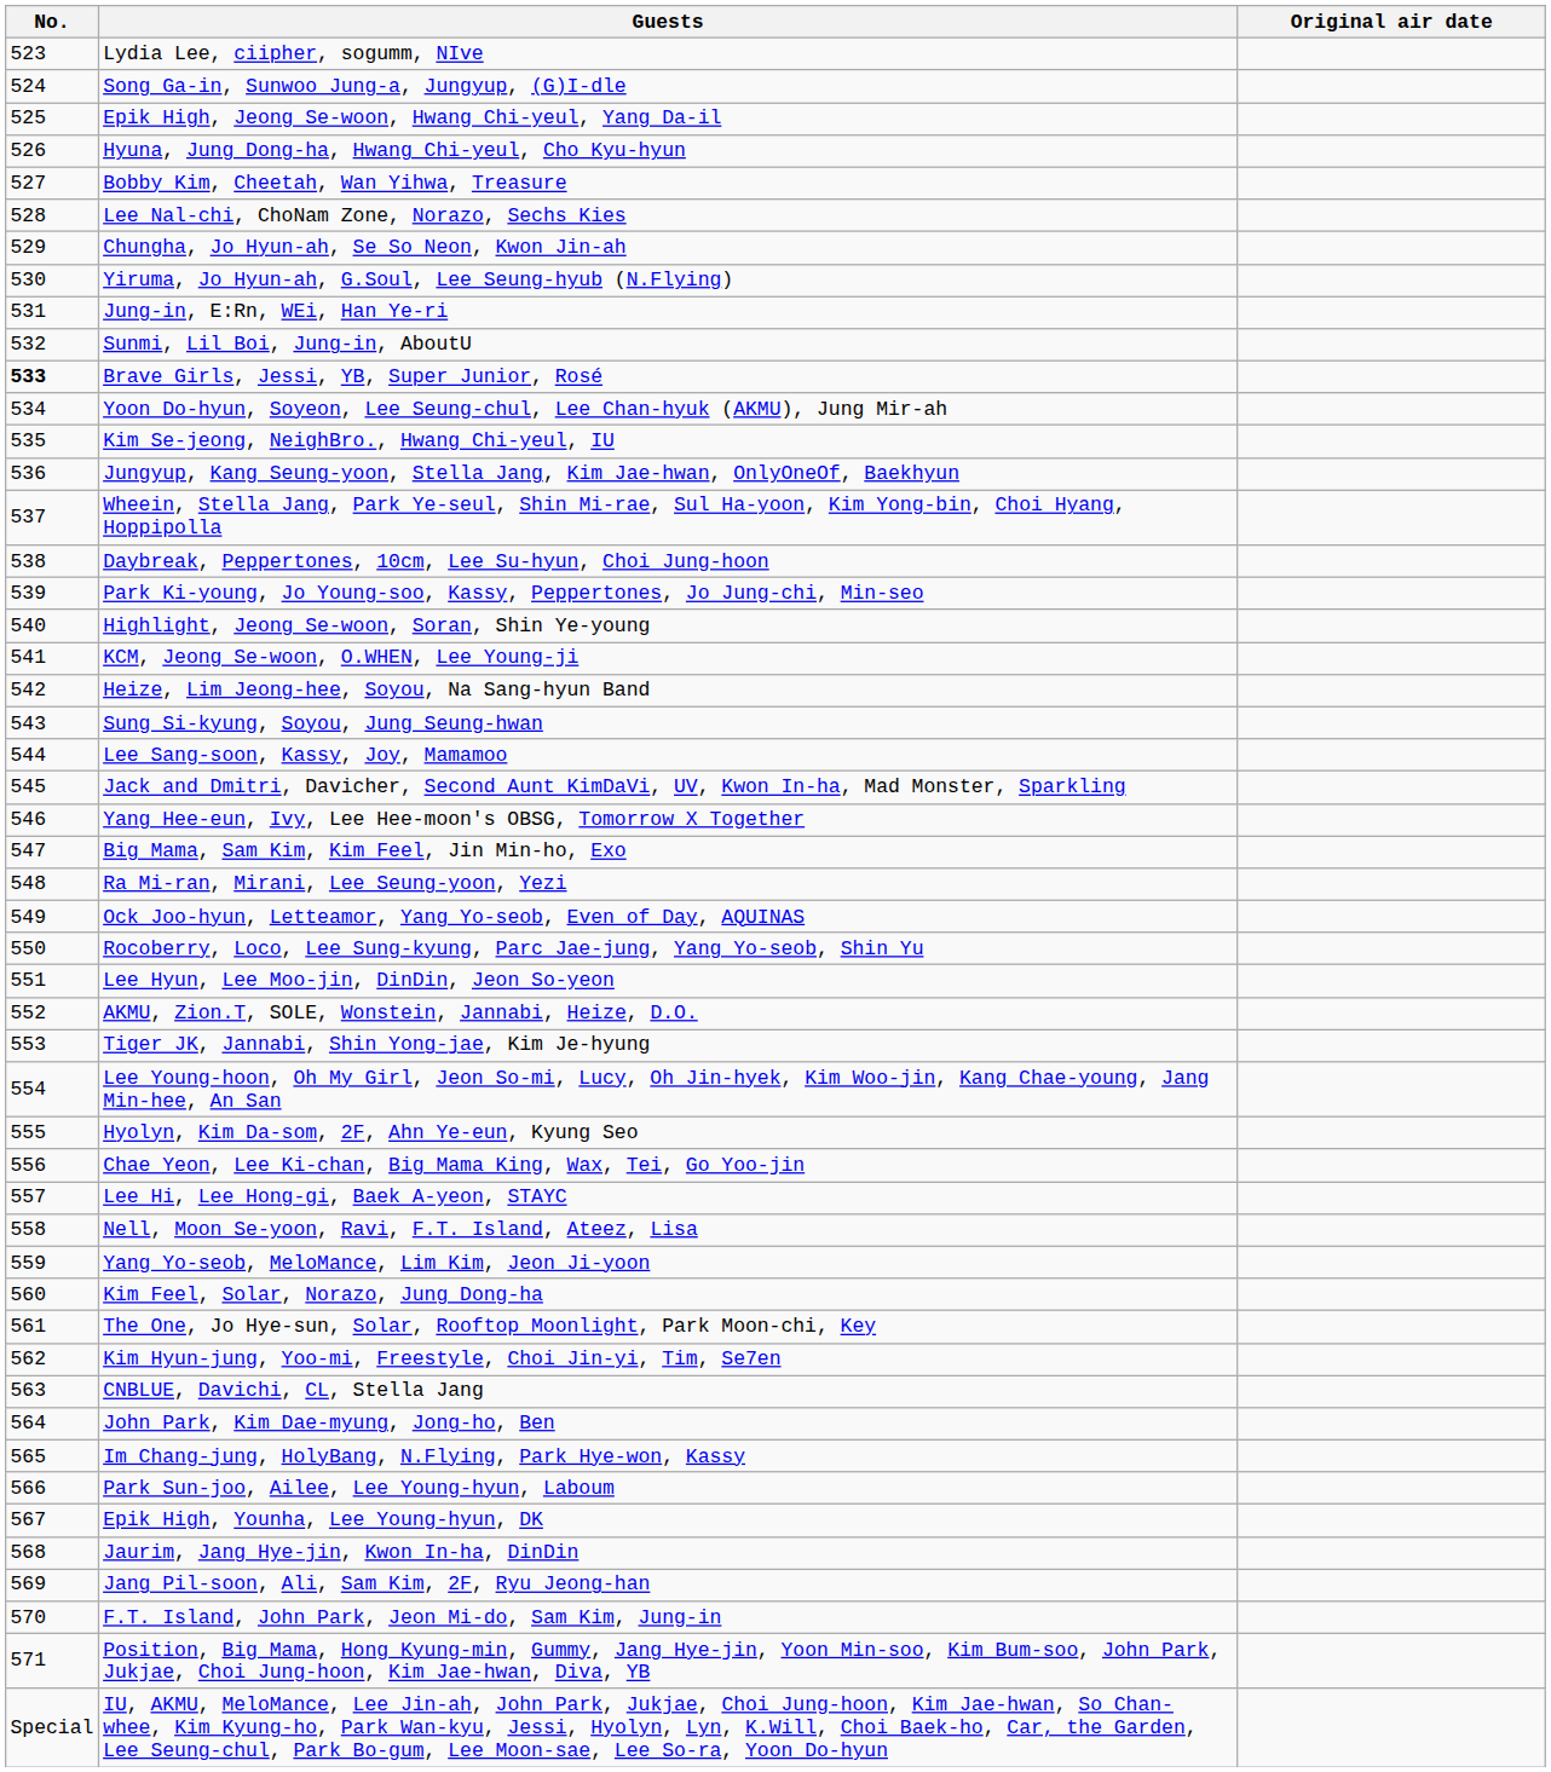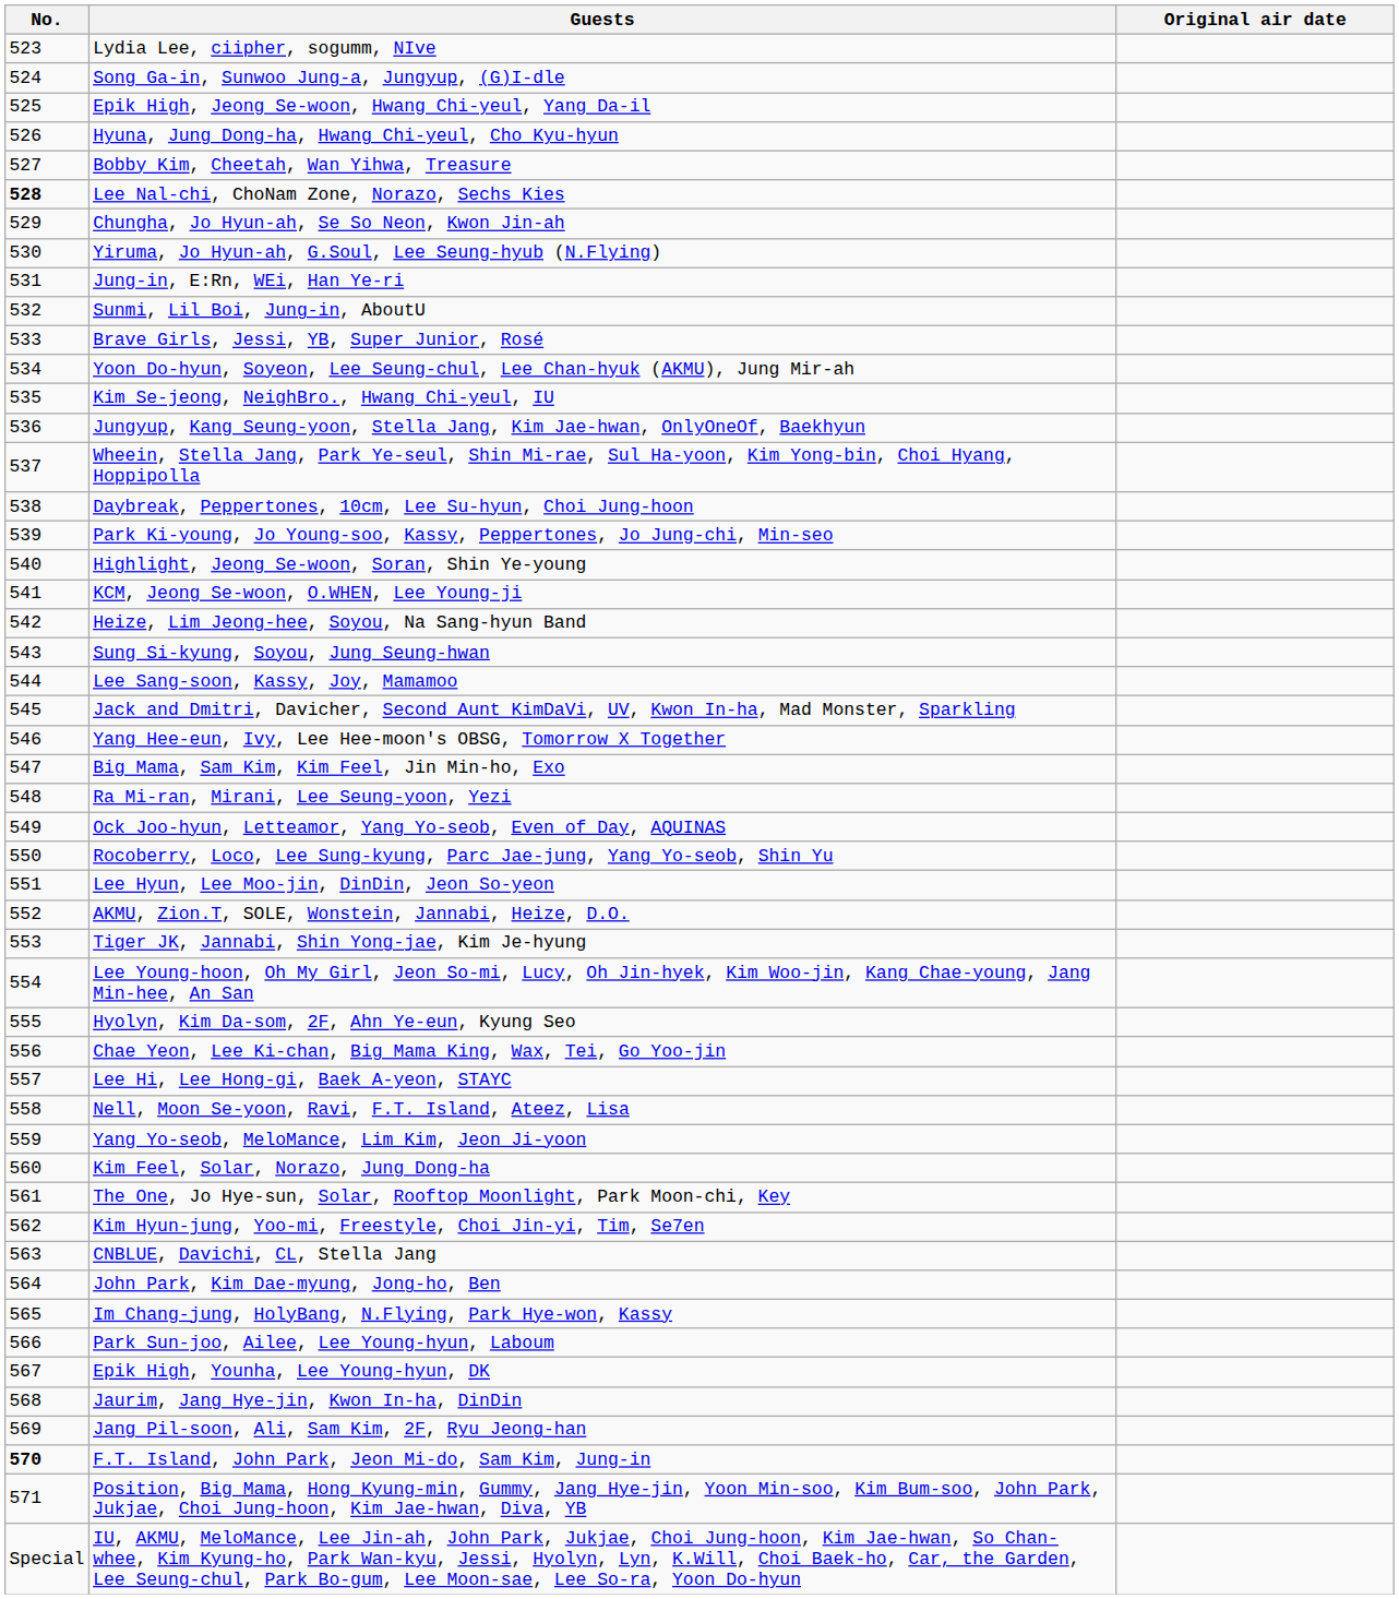 <table class="wikitable" style="width:80%; style="text-align:center" margin:auto; background:#FFFFFF;">
 <tr>
 <th>No.</th>
 <th>Guests</th>
 <th width="20%">Original air date</th>
 </tr>
 <tr>
 <td>523</td>
 <td>Lydia Lee, <a href='#'>ciipher</a>, sogumm, <a href='#'>NIve</a></td>
 <td></td>
 </tr>
 <tr>
 <td>524</td>
 <td><a href='#'>Song Ga-in</a>, <a href='#'>Sunwoo Jung-a</a>, <a href='#'>Jungyup</a>, <a href='#'>(G)I-dle</a></td>
 <td></td>
 </tr>
 <tr>
 <td>525</td>
 <td><a href='#'>Epik High</a>, <a href='#'>Jeong Se-woon</a>, <a href='#'>Hwang Chi-yeul</a>, <a href='#'>Yang Da-il</a></td>
 <td></td>
 </tr>
 <tr>
 <td>526</td>
 <td><a href='#'>Hyuna</a>, <a href='#'>Jung Dong-ha</a>, <a href='#'>Hwang Chi-yeul</a>, <a href='#'>Cho Kyu-hyun</a></td>
 <td></td>
 </tr>
 <tr>
 <td>527</td>
 <td><a href='#'>Bobby Kim</a>, <a href='#'>Cheetah</a>, <a href='#'>Wan Yihwa</a>, <a href='#'>Treasure</a></td>
 <td></td>
 </tr>
 <tr>
-<td>528</td>
+<td><strong>528</strong></td>
 <td><a href='#'>Lee Nal-chi</a>, ChoNam Zone, <a href='#'>Norazo</a>, <a href='#'>Sechs Kies</a></td>
 <td></td>
 </tr>
 <tr>
 <td>529</td>
 <td><a href='#'>Chungha</a>, <a href='#'>Jo Hyun-ah</a>, <a href='#'>Se So Neon</a>, <a href='#'>Kwon Jin-ah</a></td>
 <td></td>
 </tr>
 <tr>
 <td>530</td>
 <td><a href='#'>Yiruma</a>, <a href='#'>Jo Hyun-ah</a>, <a href='#'>G.Soul</a>, <a href='#'>Lee Seung-hyub</a> (<a href='#'>N.Flying</a>)</td>
 <td></td>
 </tr>
 <tr>
 <td>531</td>
 <td><a href='#'>Jung-in</a>, E:Rn, <a href='#'>WEi</a>, <a href='#'>Han Ye-ri</a></td>
 <td></td>
 </tr>
 <tr>
 <td>532</td>
 <td><a href='#'>Sunmi</a>, <a href='#'>Lil Boi</a>, <a href='#'>Jung-in</a>, AboutU</td>
 <td></td>
 </tr>
 <tr>
-<td><strong>533</strong></td>
+<td>533</td>
 <td><a href='#'>Brave Girls</a>, <a href='#'>Jessi</a>, <a href='#'>YB</a>, <a href='#'>Super Junior</a>, <a href='#'>Rosé</a></td>
 <td></td>
 </tr>
 <tr>
 <td>534</td>
 <td><a href='#'>Yoon Do-hyun</a>, <a href='#'>Soyeon</a>, <a href='#'>Lee Seung-chul</a>, <a href='#'>Lee Chan-hyuk</a> (<a href='#'>AKMU</a>), Jung Mir-ah</td>
 <td></td>
 </tr>
 <tr>
 <td>535</td>
 <td><a href='#'>Kim Se-jeong</a>, <a href='#'>NeighBro.</a>, <a href='#'>Hwang Chi-yeul</a>, <a href='#'>IU</a></td>
 <td></td>
 </tr>
 <tr>
 <td>536</td>
 <td><a href='#'>Jungyup</a>, <a href='#'>Kang Seung-yoon</a>, <a href='#'>Stella Jang</a>, <a href='#'>Kim Jae-hwan</a>, <a href='#'>OnlyOneOf</a>, <a href='#'>Baekhyun</a></td>
 <td></td>
 </tr>
 <tr>
 <td>537</td>
 <td><a href='#'>Wheein</a>, <a href='#'>Stella Jang</a>, <a href='#'>Park Ye-seul</a>, <a href='#'>Shin Mi-rae</a>, <a href='#'>Sul Ha-yoon</a>, <a href='#'>Kim Yong-bin</a>, <a href='#'>Choi Hyang</a>, <a href='#'>Hoppipolla</a></td>
 <td></td>
 </tr>
 <tr>
 <td>538</td>
 <td><a href='#'>Daybreak</a>, <a href='#'>Peppertones</a>, <a href='#'>10cm</a>, <a href='#'>Lee Su-hyun</a>, <a href='#'>Choi Jung-hoon</a></td>
 <td></td>
 </tr>
 <tr>
 <td>539</td>
 <td><a href='#'>Park Ki-young</a>, <a href='#'>Jo Young-soo</a>, <a href='#'>Kassy</a>, <a href='#'>Peppertones</a>, <a href='#'>Jo Jung-chi</a>, <a href='#'>Min-seo</a></td>
 <td></td>
 </tr>
 <tr>
 <td>540</td>
 <td><a href='#'>Highlight</a>, <a href='#'>Jeong Se-woon</a>, <a href='#'>Soran</a>, Shin Ye-young</td>
 <td></td>
 </tr>
 <tr>
 <td>541</td>
 <td><a href='#'>KCM</a>, <a href='#'>Jeong Se-woon</a>, <a href='#'>O.WHEN</a>, <a href='#'>Lee Young-ji</a></td>
 <td></td>
 </tr>
 <tr>
 <td>542</td>
 <td><a href='#'>Heize</a>, <a href='#'>Lim Jeong-hee</a>, <a href='#'>Soyou</a>, Na Sang-hyun Band</td>
 <td></td>
 </tr>
 <tr>
 <td>543</td>
 <td><a href='#'>Sung Si-kyung</a>, <a href='#'>Soyou</a>, <a href='#'>Jung Seung-hwan</a></td>
 <td></td>
 </tr>
 <tr>
 <td>544</td>
 <td><a href='#'>Lee Sang-soon</a>, <a href='#'>Kassy</a>, <a href='#'>Joy</a>, <a href='#'>Mamamoo</a></td>
 <td></td>
 </tr>
 <tr>
 <td>545</td>
 <td><a href='#'>Jack and Dmitri</a>, Davicher, <a href='#'>Second Aunt KimDaVi</a>, <a href='#'>UV</a>, <a href='#'>Kwon In-ha</a>, Mad Monster, <a href='#'>Sparkling</a></td>
 <td></td>
 </tr>
 <tr>
 <td>546</td>
 <td><a href='#'>Yang Hee-eun</a>, <a href='#'>Ivy</a>, Lee Hee-moon's OBSG, <a href='#'>Tomorrow X Together</a></td>
 <td></td>
 </tr>
 <tr>
 <td>547</td>
 <td><a href='#'>Big Mama</a>, <a href='#'>Sam Kim</a>, <a href='#'>Kim Feel</a>, Jin Min-ho, <a href='#'>Exo</a></td>
 <td></td>
 </tr>
 <tr>
 <td>548</td>
 <td><a href='#'>Ra Mi-ran</a>, <a href='#'>Mirani</a>, <a href='#'>Lee Seung-yoon</a>, <a href='#'>Yezi</a></td>
 <td></td>
 </tr>
 <tr>
 <td>549</td>
 <td><a href='#'>Ock Joo-hyun</a>, <a href='#'>Letteamor</a>, <a href='#'>Yang Yo-seob</a>, <a href='#'>Even of Day</a>, <a href='#'>AQUINAS</a></td>
 <td></td>
 </tr>
 <tr>
 <td>550</td>
 <td><a href='#'>Rocoberry</a>, <a href='#'>Loco</a>, <a href='#'>Lee Sung-kyung</a>, <a href='#'>Parc Jae-jung</a>, <a href='#'>Yang Yo-seob</a>, <a href='#'>Shin Yu</a></td>
 <td></td>
 </tr>
 <tr>
 <td>551</td>
 <td><a href='#'>Lee Hyun</a>, <a href='#'>Lee Moo-jin</a>, <a href='#'>DinDin</a>, <a href='#'>Jeon So-yeon</a></td>
 <td></td>
 </tr>
 <tr>
 <td>552</td>
 <td><a href='#'>AKMU</a>, <a href='#'>Zion.T</a>, SOLE, <a href='#'>Wonstein</a>, <a href='#'>Jannabi</a>, <a href='#'>Heize</a>, <a href='#'>D.O.</a></td>
 <td></td>
 </tr>
 <tr>
 <td>553</td>
 <td><a href='#'>Tiger JK</a>, <a href='#'>Jannabi</a>, <a href='#'>Shin Yong-jae</a>, Kim Je-hyung</td>
 <td></td>
 </tr>
 <tr>
 <td>554</td>
 <td><a href='#'>Lee Young-hoon</a>, <a href='#'>Oh My Girl</a>, <a href='#'>Jeon So-mi</a>, <a href='#'>Lucy</a>, <a href='#'>Oh Jin-hyek</a>, <a href='#'>Kim Woo-jin</a>, <a href='#'>Kang Chae-young</a>, <a href='#'>Jang Min-hee</a>, <a href='#'>An San</a></td>
 <td></td>
 </tr>
 <tr>
 <td>555</td>
 <td><a href='#'>Hyolyn</a>, <a href='#'>Kim Da-som</a>, <a href='#'>2F</a>, <a href='#'>Ahn Ye-eun</a>, Kyung Seo</td>
 <td></td>
 </tr>
 <tr>
 <td>556</td>
 <td><a href='#'>Chae Yeon</a>, <a href='#'>Lee Ki-chan</a>, <a href='#'>Big Mama King</a>, <a href='#'>Wax</a>, <a href='#'>Tei</a>, <a href='#'>Go Yoo-jin</a></td>
 <td></td>
 </tr>
 <tr>
 <td>557</td>
 <td><a href='#'>Lee Hi</a>, <a href='#'>Lee Hong-gi</a>, <a href='#'>Baek A-yeon</a>, <a href='#'>STAYC</a></td>
 <td></td>
 </tr>
 <tr>
 <td>558</td>
 <td><a href='#'>Nell</a>, <a href='#'>Moon Se-yoon</a>, <a href='#'>Ravi</a>, <a href='#'>F.T. Island</a>, <a href='#'>Ateez</a>, <a href='#'>Lisa</a></td>
 <td></td>
 </tr>
 <tr>
 <td>559</td>
 <td><a href='#'>Yang Yo-seob</a>, <a href='#'>MeloMance</a>, <a href='#'>Lim Kim</a>, <a href='#'>Jeon Ji-yoon</a></td>
 <td></td>
 </tr>
 <tr>
 <td>560</td>
 <td><a href='#'>Kim Feel</a>, <a href='#'>Solar</a>, <a href='#'>Norazo</a>, <a href='#'>Jung Dong-ha</a></td>
 <td></td>
 </tr>
 <tr>
 <td>561</td>
 <td><a href='#'>The One</a>, Jo Hye-sun, <a href='#'>Solar</a>, <a href='#'>Rooftop Moonlight</a>, Park Moon-chi, <a href='#'>Key</a></td>
 <td></td>
 </tr>
 <tr>
 <td>562</td>
 <td><a href='#'>Kim Hyun-jung</a>, <a href='#'>Yoo-mi</a>, <a href='#'>Freestyle</a>, <a href='#'>Choi Jin-yi</a>, <a href='#'>Tim</a>, <a href='#'>Se7en</a></td>
 <td></td>
 </tr>
 <tr>
 <td>563</td>
 <td><a href='#'>CNBLUE</a>, <a href='#'>Davichi</a>, <a href='#'>CL</a>, Stella Jang</td>
 <td></td>
 </tr>
 <tr>
 <td>564</td>
 <td><a href='#'>John Park</a>, <a href='#'>Kim Dae-myung</a>, <a href='#'>Jong-ho</a>, <a href='#'>Ben</a></td>
 <td></td>
 </tr>
 <tr>
 <td>565</td>
 <td><a href='#'>Im Chang-jung</a>, <a href='#'>HolyBang</a>, <a href='#'>N.Flying</a>, <a href='#'>Park Hye-won</a>, <a href='#'>Kassy</a></td>
 <td></td>
 </tr>
 <tr>
 <td>566</td>
 <td><a href='#'>Park Sun-joo</a>, <a href='#'>Ailee</a>, <a href='#'>Lee Young-hyun</a>, <a href='#'>Laboum</a></td>
 <td></td>
 </tr>
 <tr>
 <td>567</td>
 <td><a href='#'>Epik High</a>, <a href='#'>Younha</a>, <a href='#'>Lee Young-hyun</a>, <a href='#'>DK</a></td>
 <td></td>
 </tr>
 <tr>
 <td>568</td>
 <td><a href='#'>Jaurim</a>, <a href='#'>Jang Hye-jin</a>, <a href='#'>Kwon In-ha</a>, <a href='#'>DinDin</a></td>
 <td></td>
 </tr>
 <tr>
 <td>569</td>
 <td><a href='#'>Jang Pil-soon</a>, <a href='#'>Ali</a>, <a href='#'>Sam Kim</a>, <a href='#'>2F</a>, <a href='#'>Ryu Jeong-han</a></td>
 <td></td>
 </tr>
 <tr>
-<td>570</td>
+<td><strong>570</strong></td>
 <td><a href='#'>F.T. Island</a>, <a href='#'>John Park</a>, <a href='#'>Jeon Mi-do</a>, <a href='#'>Sam Kim</a>, <a href='#'>Jung-in</a></td>
 <td></td>
 </tr>
 <tr>
 <td>571</td>
 <td><a href='#'>Position</a>, <a href='#'>Big Mama</a>, <a href='#'>Hong Kyung-min</a>, <a href='#'>Gummy</a>, <a href='#'>Jang Hye-jin</a>, <a href='#'>Yoon Min-soo</a>, <a href='#'>Kim Bum-soo</a>, <a href='#'>John Park</a>, <a href='#'>Jukjae</a>, <a href='#'>Choi Jung-hoon</a>, <a href='#'>Kim Jae-hwan</a>, <a href='#'>Diva</a>, <a href='#'>YB</a></td>
 <td></td>
 </tr>
 <tr>
 <td>Special</td>
 <td><a href='#'>IU</a>, <a href='#'>AKMU</a>, <a href='#'>MeloMance</a>, <a href='#'>Lee Jin-ah</a>, <a href='#'>John Park</a>, <a href='#'>Jukjae</a>, <a href='#'>Choi Jung-hoon</a>, <a href='#'>Kim Jae-hwan</a>, <a href='#'>So Chan-whee</a>, <a href='#'>Kim Kyung-ho</a>, <a href='#'>Park Wan-kyu</a>, <a href='#'>Jessi</a>, <a href='#'>Hyolyn</a>, <a href='#'>Lyn</a>, <a href='#'>K.Will</a>, <a href='#'>Choi Baek-ho</a>, <a href='#'>Car, the Garden</a>, <a href='#'>Lee Seung-chul</a>, <a href='#'>Park Bo-gum</a>, <a href='#'>Lee Moon-sae</a>, <a href='#'>Lee So-ra</a>, <a href='#'>Yoon Do-hyun</a></td>
 <td></td>
 </tr>
 </table>
